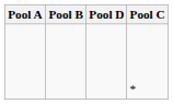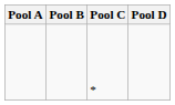 <table class="wikitable">
 <tr>
 <th width=25%>Pool A</th>
 <th width=25%>Pool B</th>
+<th width=25%>Pool C</th>
 <th width=25%>Pool D</th>
-<th width=25%>Pool C</th>
 </tr>
 <tr>
 <td><br><br> <br> <br> </td>
 <td><br><br> <br> <br> </td>
+<td><br><br> <br> <br> <s></s> *</td>
 <td><br><br> <br> <br> </td>
-<td><br><br> <br> <br> <s></s> *</td>
 </tr>
 </table>
